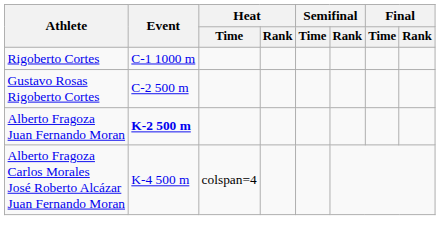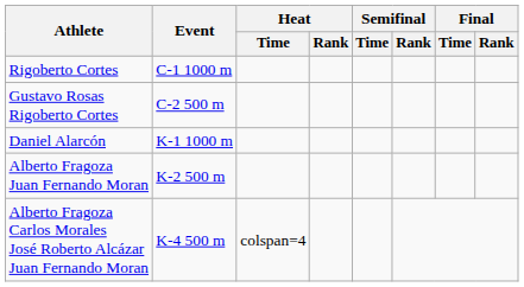 <table class=wikitable style=font-size:90%;text-align:center>
 <tr>
 <th rowspan=2>Athlete</th>
 <th rowspan=2>Event</th>
 <th colspan=2>Heat</th>
 <th colspan=2>Semifinal</th>
 <th colspan=2>Final</th>
 </tr>
 <tr style=font-size:95%>
 <th>Time</th>
 <th>Rank</th>
 <th>Time</th>
 <th>Rank</th>
 <th>Time</th>
 <th>Rank</th>
 </tr>
 <tr>
 <td align=left><a href='#'>Rigoberto Cortes</a></td>
 <td align=left><a href='#'>C-1 1000 m</a></td>
 <td></td>
 <td></td>
 <td></td>
 <td></td>
 <td></td>
 <td></td>
 </tr>
 <tr>
 <td align=left><a href='#'>Gustavo Rosas</a><br><a href='#'>Rigoberto Cortes</a></td>
 <td align=left><a href='#'>C-2 500 m</a></td>
 <td></td>
 <td></td>
 <td></td>
 <td></td>
 <td></td>
 <td></td>
 </tr>
 <tr>
+<td align=left><a href='#'>Daniel Alarcón</a></td>
+<td align=left><a href='#'>K-1 1000 m</a></td>
+<td></td>
+<td></td>
+<td></td>
+<td></td>
+<td></td>
+<td></td>
+</tr>
+<tr>
 <td align=left><a href='#'>Alberto Fragoza</a><br><a href='#'>Juan Fernando Moran</a></td>
-<td align=left><strong><a href='#'>K-2 500 m</a></strong></td>
+<td align=left><a href='#'>K-2 500 m</a></td>
 <td></td>
 <td></td>
 <td></td>
 <td></td>
 <td></td>
 <td></td>
 </tr>
 <tr>
 <td align=left><a href='#'>Alberto Fragoza</a><br><a href='#'>Carlos Morales</a><br><a href='#'>José Roberto Alcázar</a><br><a href='#'>Juan Fernando Moran</a></td>
 <td align=left><a href='#'>K-4 500 m</a></td>
 <td>colspan=4 </td>
 <td></td>
 <td></td>
 </tr>
 </table>
